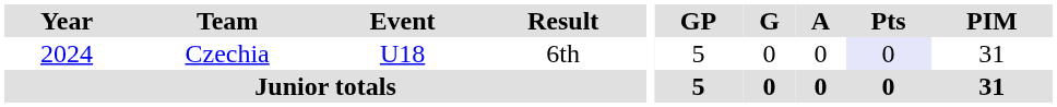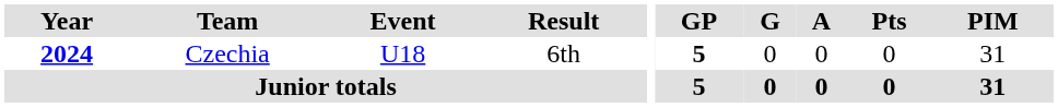 <table border="0" cellpadding="1" cellspacing="0" ID="Table3" style="text-align:center; width:40em;">
 <tr bgcolor="#e0e0e0">
 <th>Year</th>
 <th>Team</th>
 <th>Event</th>
 <th>Result</th>
 <th rowspan="98" bgcolor="#ffffff"></th>
 <th>GP</th>
 <th>G</th>
 <th>A</th>
 <th>Pts</th>
 <th>PIM</th>
 </tr>
 <tr>
-<td><a href='#'>2024</a></td>
+<td><strong><a href='#'>2024</a></strong></td>
 <td><a href='#'>Czechia</a></td>
 <td><a href='#'>U18</a></td>
 <td>6th</td>
-<td>5</td>
+<td><strong>5</strong></td>
 <td>0</td>
 <td>0</td>
-<td style="background: lavender;">0</td>
+<td>0</td>
 <td>31</td>
 </tr>
 <tr bgcolor="#e0e0e0">
 <th colspan="4">Junior totals</th>
 <th>5</th>
 <th>0</th>
 <th>0</th>
 <th>0</th>
 <th>31</th>
 </tr>
 </table>
